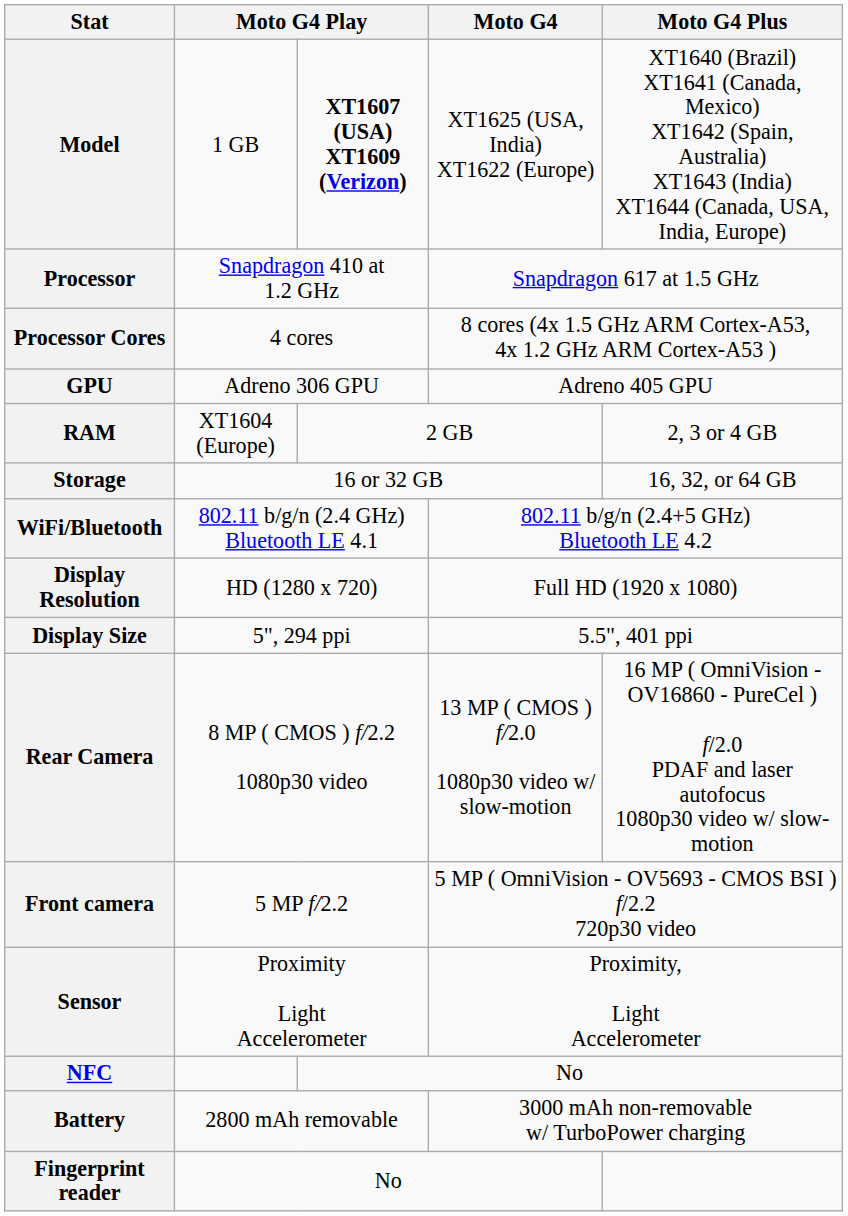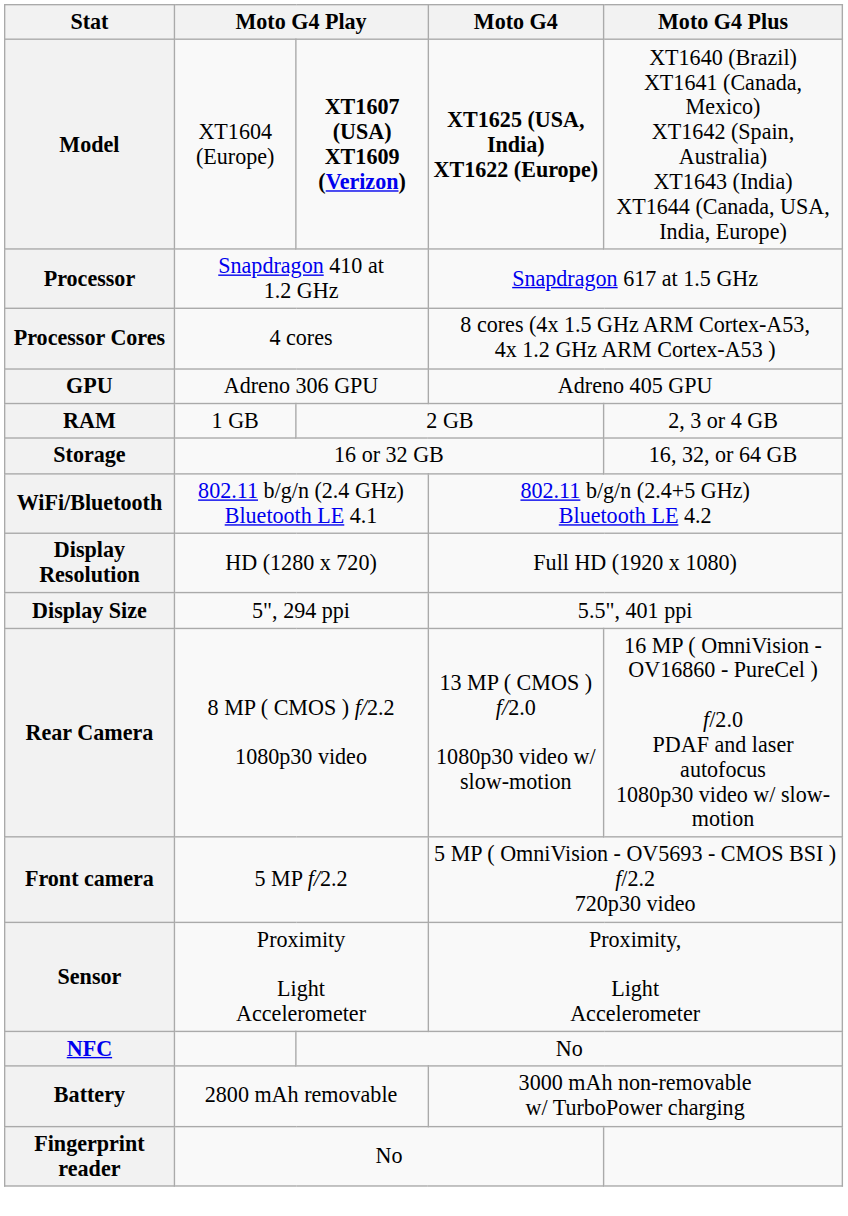 <table class="wikitable" style="text-align:center">
 <tr>
 <th>Stat</th>
 <th colspan=2>Moto G4 Play</th>
 <th>Moto G4</th>
 <th>Moto G4 Plus</th>
 </tr>
 <tr>
 <th>Model</th>
-<td>1 GB</td>
+<td>XT1604 (Europe)</td>
 <td><strong>XT1607 (USA)<br>XT1609 (<a href='#'>Verizon</a>)</strong></td>
-<td>XT1625 (USA, India)<br>XT1622 (Europe)</td>
+<td><strong>XT1625 (USA, India)<br>XT1622 (Europe)</strong></td>
 <td>XT1640 (Brazil)<br>XT1641 (Canada, Mexico)<br>XT1642 (Spain, Australia)<br>XT1643 (India)<br>XT1644 (Canada, USA, India, Europe)</td>
 </tr>
 <tr>
 <th>Processor</th>
 <td colspan=2><a href='#'>Snapdragon</a> 410 at 1.2 GHz</td>
 <td colspan=2><a href='#'>Snapdragon</a> 617 at 1.5 GHz</td>
 </tr>
 <tr>
 <th>Processor Cores</th>
 <td colspan=2>4 cores</td>
 <td colspan=2>8 cores (4x 1.5 GHz ARM Cortex-A53,<br>4x 1.2 GHz ARM Cortex-A53 )</td>
 </tr>
 <tr>
 <th>GPU</th>
 <td colspan=2>Adreno 306 GPU</td>
 <td colspan=2>Adreno 405 GPU</td>
 </tr>
 <tr>
 <th>RAM</th>
-<td>XT1604 (Europe)</td>
+<td>1 GB</td>
 <td colspan=2>2 GB</td>
 <td>2, 3 or 4 GB</td>
 </tr>
 <tr>
 <th>Storage</th>
 <td colspan=3>16 or 32 GB</td>
 <td>16, 32, or 64 GB</td>
 </tr>
 <tr>
 <th>WiFi/Bluetooth</th>
 <td colspan=2><a href='#'>802.11</a> b/g/n (2.4 GHz)<br><a href='#'>Bluetooth LE</a> 4.1</td>
 <td colspan=2><a href='#'>802.11</a> b/g/n (2.4+5 GHz)<br><a href='#'>Bluetooth LE</a> 4.2</td>
 </tr>
 <tr>
 <th>Display Resolution</th>
 <td colspan=2>HD (1280 x 720)</td>
 <td colspan=2>Full HD (1920 x 1080)</td>
 </tr>
 <tr>
 <th>Display Size</th>
 <td colspan=2>5", 294 ppi</td>
 <td colspan=2>5.5", 401 ppi</td>
 </tr>
 <tr>
 <th>Rear Camera</th>
 <td colspan=2>8 MP ( CMOS ) <em>f/</em>2.2<br><br>1080p30 video</td>
 <td>13 MP ( CMOS ) <em>f/</em>2.0<br><br>1080p30 video w/ slow-motion</td>
 <td>16 MP ( OmniVision - OV16860 - PureCel ) <br><br><em>f</em>/2.0<br> PDAF and laser autofocus<br> 1080p30 video w/ slow-motion</td>
 </tr>
 <tr>
 <th>Front camera</th>
 <td colspan=2>5 MP <em>f/</em>2.2</td>
 <td colspan=2>5 MP ( OmniVision - OV5693 - CMOS BSI ) <br><em>f</em>/2.2<br> 720p30 video</td>
 </tr>
 <tr>
 <th>Sensor</th>
 <td colspan=2>Proximity<br><br>Light<br> Accelerometer</td>
 <td colspan=2>Proximity,<br><br>Light<br> Accelerometer<br></td>
 </tr>
 <tr>
 <th><a href='#'>NFC</a></th>
 <td></td>
 <td colspan=3>No</td>
 </tr>
 <tr>
 <th>Battery</th>
 <td colspan=2>2800 mAh removable</td>
 <td colspan=2>3000 mAh non-removable<br>w/ TurboPower charging</td>
 </tr>
 <tr>
 <th>Fingerprint reader</th>
 <td colspan=3>No</td>
 <td></td>
 </tr>
 </table>
